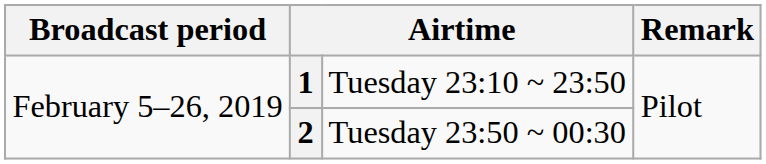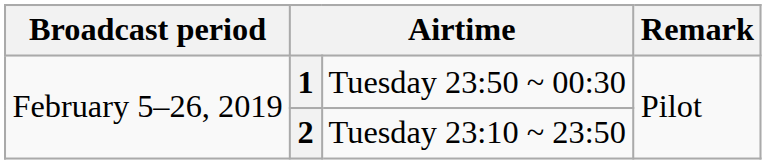 <table class=wikitable>
 <tr>
 <th>Broadcast period</th>
 <th colspan=2>Airtime</th>
 <th>Remark</th>
 </tr>
 <tr>
 <td rowspan=2>February 5–26, 2019</td>
 <th>1</th>
-<td>Tuesday 23:10 ~ 23:50</td>
+<td>Tuesday 23:50 ~ 00:30</td>
 <td rowspan=4>Pilot</td>
 </tr>
 <tr>
 <th>2</th>
-<td>Tuesday 23:50 ~ 00:30</td>
+<td>Tuesday 23:10 ~ 23:50</td>
 </tr>
 </table>
